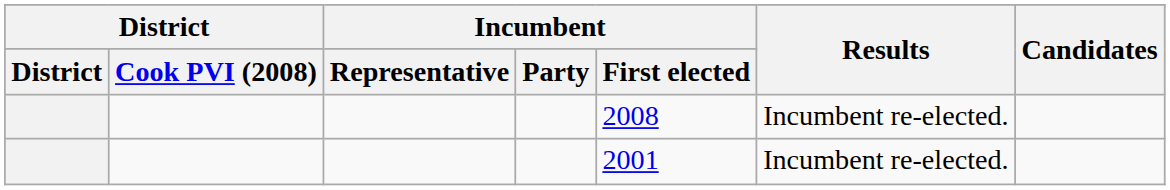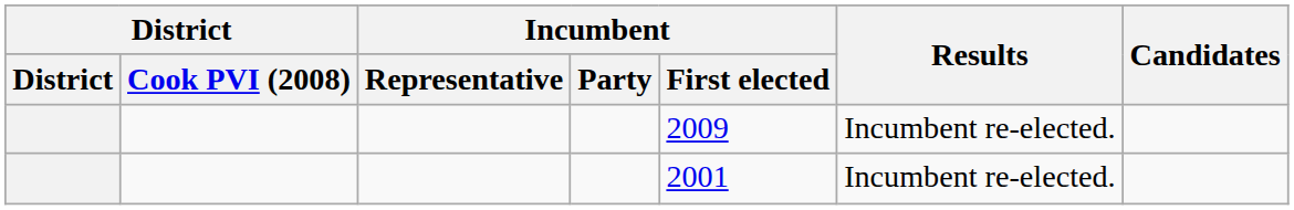 <table class="wikitable sortable">
 <tr>
 <th colspan=2>District</th>
 <th colspan=3>Incumbent</th>
 <th rowspan=2>Results</th>
 <th rowspan=2>Candidates</th>
 </tr>
 <tr valign=bottom>
 <th>District</th>
 <th><a href='#'>Cook PVI</a> (2008)</th>
 <th>Representative</th>
 <th>Party</th>
 <th>First elected</th>
 </tr>
 <tr>
 <th></th>
 <td></td>
 <td></td>
 <td></td>
-<td><a href='#'>2008</a></td>
+<td><a href='#'>2009</a></td>
 <td>Incumbent re-elected.</td>
 <td nowrap></td>
 </tr>
 <tr>
 <th></th>
 <td></td>
 <td></td>
 <td></td>
 <td><a href='#'>2001</a></td>
 <td>Incumbent re-elected.</td>
 <td nowrap></td>
 </tr>
 </table>
